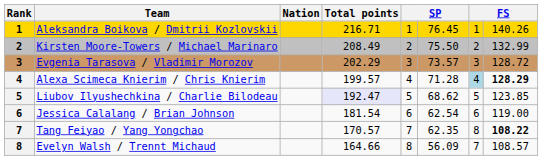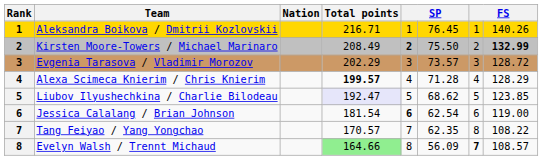 <table class="wikitable sortable">
 <tr>
 <th>Rank</th>
 <th>Team</th>
 <th>Nation</th>
 <th>Total points</th>
 <th colspan="2" width="80px"><a href='#'>SP</a></th>
 <th colspan="2" width="80px"><a href='#'>FS</a></th>
 </tr>
 <tr bgcolor="gold">
 <td align="center"><strong>1</strong></td>
 <td><a href='#'>Aleksandra Boikova</a> / <a href='#'>Dmitrii Kozlovskii</a></td>
 <td></td>
 <td align="center">216.71</td>
 <td align="center">1</td>
 <td align="center">76.45</td>
 <td align="center">1</td>
 <td align="center">140.26</td>
 </tr>
 <tr bgcolor="silver">
 <td align="center"><strong>2</strong></td>
 <td><a href='#'>Kirsten Moore-Towers</a> / <a href='#'>Michael Marinaro</a></td>
 <td></td>
 <td align="center">208.49</td>
-<td align="center">2</td>
+<td align="center"><strong>2</strong></td>
 <td align="center">75.50</td>
 <td align="center">2</td>
-<td align="center">132.99</td>
+<td align="center"><strong>132.99</strong></td>
 </tr>
 <tr bgcolor="cc9966">
 <td align="center"><strong>3</strong></td>
 <td><a href='#'>Evgenia Tarasova</a> / <a href='#'>Vladimir Morozov</a></td>
 <td></td>
 <td align="center">202.29</td>
 <td align="center">3</td>
 <td align="center">73.57</td>
 <td align="center">3</td>
 <td align="center">128.72</td>
 </tr>
 <tr>
 <th>4</th>
 <td><a href='#'>Alexa Scimeca Knierim</a> / <a href='#'>Chris Knierim</a></td>
 <td></td>
-<td align="center">199.57</td>
+<td align="center"><strong>199.57</strong></td>
 <td align="center">4</td>
 <td align="center">71.28</td>
-<td align="center" style="background: lightblue;">4</td>
-<td align="center"><strong>128.29</strong></td>
+<td align="center">4</td>
+<td align="center">128.29</td>
 </tr>
 <tr>
 <th>5</th>
 <td><a href='#'>Liubov Ilyushechkina</a> / <a href='#'>Charlie Bilodeau</a></td>
 <td></td>
 <td align="center" style="background: lavender;">192.47</td>
 <td align="center">5</td>
 <td align="center">68.62</td>
 <td align="center">5</td>
 <td align="center">123.85</td>
 </tr>
 <tr>
 <th>6</th>
 <td><a href='#'>Jessica Calalang</a> / <a href='#'>Brian Johnson</a></td>
 <td></td>
 <td align="center">181.54</td>
-<td align="center">6</td>
+<td align="center"><strong>6</strong></td>
 <td align="center">62.54</td>
 <td align="center">6</td>
 <td align="center">119.00</td>
 </tr>
 <tr>
 <th>7</th>
 <td><a href='#'>Tang Feiyao</a> / <a href='#'>Yang Yongchao</a></td>
 <td></td>
 <td align="center">170.57</td>
 <td align="center">7</td>
 <td align="center">62.35</td>
 <td align="center">8</td>
-<td align="center"><strong>108.22</strong></td>
+<td align="center">108.22</td>
 </tr>
 <tr>
 <th>8</th>
 <td><a href='#'>Evelyn Walsh</a> / <a href='#'>Trennt Michaud</a></td>
 <td></td>
-<td align="center">164.66</td>
+<td align="center" style="background: lightgreen;">164.66</td>
 <td align="center">8</td>
 <td align="center">56.09</td>
-<td align="center">7</td>
+<td align="center"><strong>7</strong></td>
 <td align="center">108.57</td>
 </tr>
 </table>
